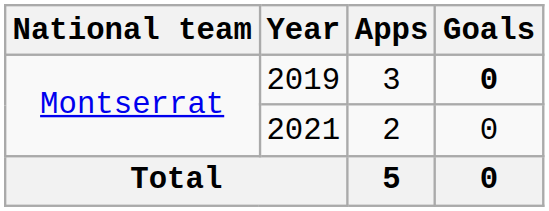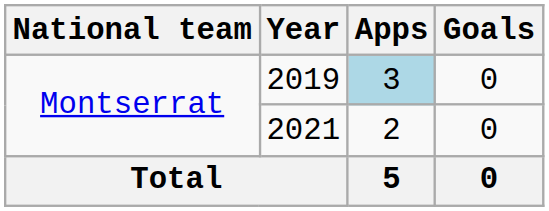 <table class=wikitable style="text-align: center">
 <tr>
 <th>National team</th>
 <th>Year</th>
 <th>Apps</th>
 <th>Goals</th>
 </tr>
 <tr>
 <td rowspan=2><a href='#'>Montserrat</a></td>
 <td>2019</td>
-<td>3</td>
-<td><strong>0</strong></td>
+<td style="background: lightblue;">3</td>
+<td>0</td>
 </tr>
 <tr>
 <td>2021</td>
 <td>2</td>
 <td>0</td>
 </tr>
 <tr>
 <th colspan=2>Total</th>
 <th>5</th>
 <th>0</th>
 </tr>
 </table>
